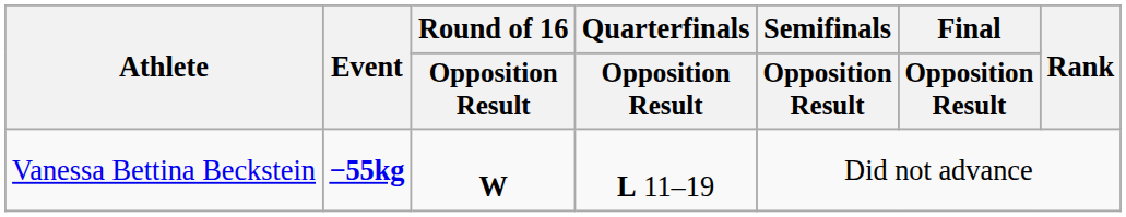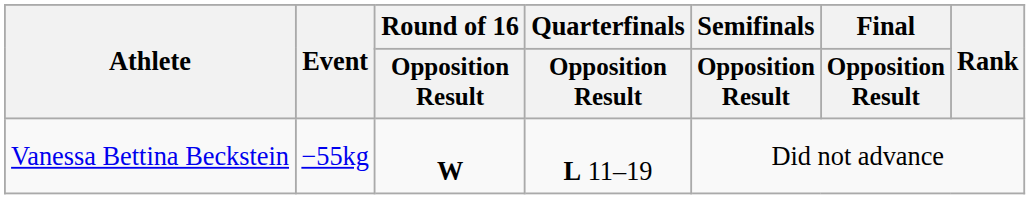 <table class="wikitable" style="font-size:90%;">
 <tr>
 <th rowspan=2>Athlete</th>
 <th rowspan=2>Event</th>
 <th>Round of 16</th>
 <th>Quarterfinals</th>
 <th>Semifinals</th>
 <th>Final</th>
 <th rowspan=2>Rank</th>
 </tr>
 <tr style="font-size:95%">
 <th>Opposition<br>Result</th>
 <th>Opposition<br>Result</th>
 <th>Opposition<br>Result</th>
 <th>Opposition<br>Result</th>
 </tr>
 <tr align=center>
 <td align=left><a href='#'>Vanessa Bettina Beckstein</a></td>
-<td align=left><strong><a href='#'>−55kg</a></strong></td>
+<td align=left><a href='#'>−55kg</a></td>
 <td><br><strong>W</strong> </td>
 <td><br><strong>L</strong> 11–19</td>
 <td colspan=3>Did not advance</td>
 </tr>
 </table>
